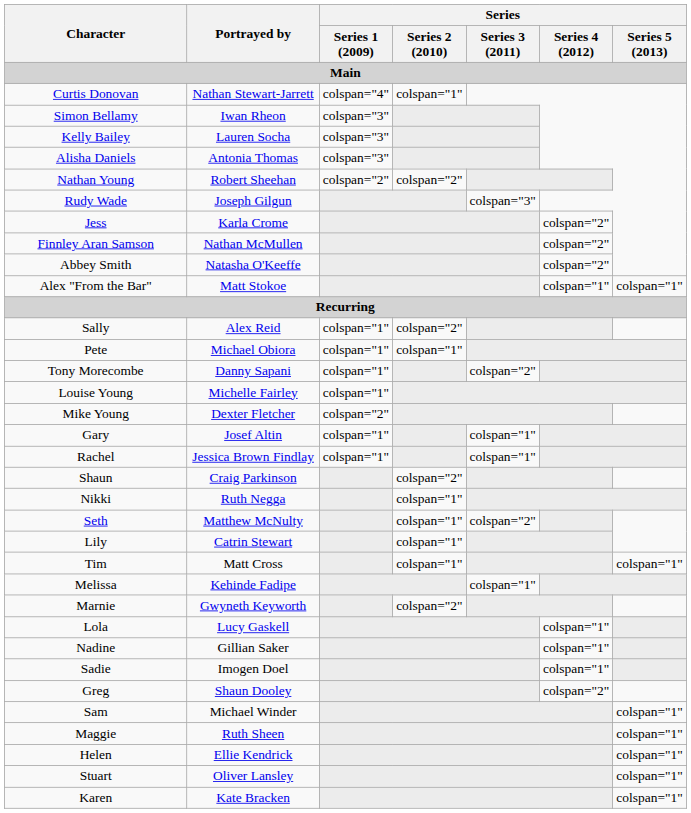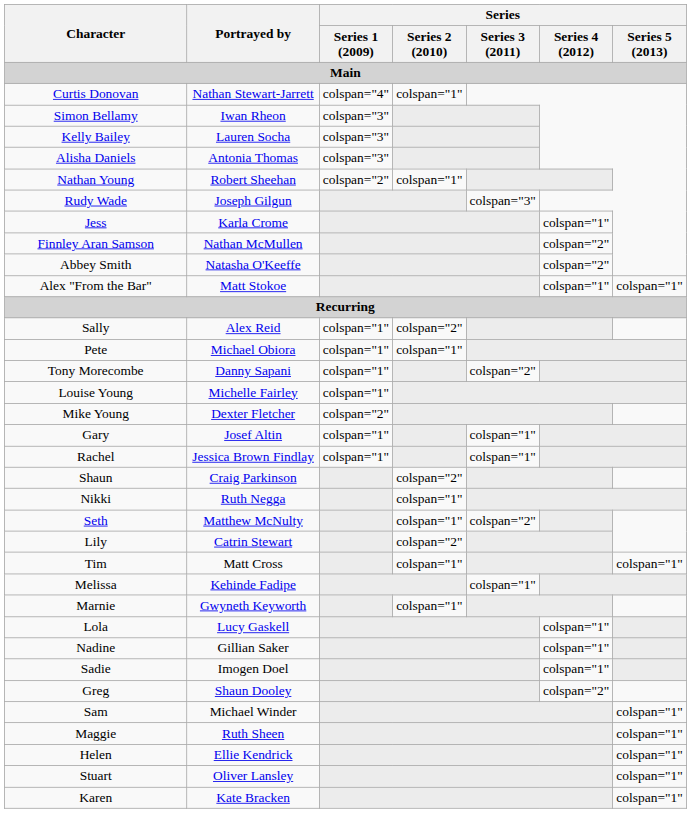 <table class="wikitable" style="text-align:center;">
 <tr>
 <th rowspan="2" style="width:210px;">Character</th>
 <th style="width:150px;" rowspan="2">Portrayed by</th>
 <th colspan="5">Series</th>
 </tr>
 <tr>
 <th style="width:80px;">Series 1<br>(2009)</th>
 <th style="width:80px;">Series 2<br>(2010)</th>
 <th style="width:80px;">Series 3<br>(2011)</th>
 <th style="width:80px;">Series 4<br>(2012)</th>
 <th style="width:80px;">Series 5<br>(2013)</th>
 </tr>
 <tr>
 <th colspan="7" style="background:lightgrey;"><strong>Main</strong></th>
 </tr>
 <tr>
 <td><a href='#'>Curtis Donovan</a></td>
 <td><a href='#'>Nathan Stewart-Jarrett</a></td>
 <td>colspan="4" </td>
 <td>colspan="1" </td>
 </tr>
 <tr>
 <td><a href='#'>Simon Bellamy</a></td>
 <td><a href='#'>Iwan Rheon</a></td>
 <td>colspan="3" </td>
 <td colspan="2" style="background:#ececec;"></td>
 </tr>
 <tr>
 <td><a href='#'>Kelly Bailey</a></td>
 <td><a href='#'>Lauren Socha</a></td>
 <td>colspan="3" </td>
 <td colspan="2" style="background:#ececec;"></td>
 </tr>
 <tr>
 <td><a href='#'>Alisha Daniels</a></td>
 <td><a href='#'>Antonia Thomas</a></td>
 <td>colspan="3" </td>
 <td colspan="2" style="background:#ececec;"></td>
 </tr>
 <tr>
 <td><a href='#'>Nathan Young</a></td>
 <td><a href='#'>Robert Sheehan</a></td>
 <td>colspan="2" </td>
-<td>colspan="2" </td>
+<td>colspan="1" </td>
 <td colspan="2" style="background:#ececec;"></td>
 </tr>
 <tr>
 <td><a href='#'>Rudy Wade</a></td>
 <td><a href='#'>Joseph Gilgun</a></td>
 <td colspan="2" style="background:#ececec;"></td>
 <td>colspan="3" </td>
 </tr>
 <tr>
 <td><a href='#'>Jess</a></td>
 <td><a href='#'>Karla Crome</a></td>
 <td colspan="3" style="background:#ececec;"></td>
-<td>colspan="2" </td>
+<td>colspan="1" </td>
 </tr>
 <tr>
 <td><a href='#'>Finnley Aran Samson</a></td>
 <td><a href='#'>Nathan McMullen</a></td>
 <td colspan="3" style="background:#ececec;"></td>
 <td>colspan="2" </td>
 </tr>
 <tr>
 <td>Abbey Smith</td>
 <td><a href='#'>Natasha O'Keeffe</a></td>
 <td colspan="3" style="background:#ececec;"></td>
 <td>colspan="2" </td>
 </tr>
 <tr>
 <td>Alex "From the Bar"</td>
 <td><a href='#'>Matt Stokoe</a></td>
 <td colspan="3" style="background:#ececec;"></td>
 <td>colspan="1" </td>
 <td>colspan="1" </td>
 </tr>
 <tr>
 <th colspan="7" style="background:lightgrey;"><strong>Recurring</strong></th>
 </tr>
 <tr>
 <td>Sally</td>
 <td><a href='#'>Alex Reid</a></td>
 <td>colspan="1" </td>
 <td>colspan="2" </td>
 <td colspan="2" style="background:#ececec;"></td>
 </tr>
 <tr>
 <td>Pete</td>
 <td><a href='#'>Michael Obiora</a></td>
 <td>colspan="1" </td>
 <td>colspan="1" </td>
 <td colspan="3" style="background:#ececec;"></td>
 </tr>
 <tr>
 <td>Tony Morecombe</td>
 <td><a href='#'>Danny Sapani</a></td>
 <td>colspan="1" </td>
 <td colspan="1" style="background:#ececec;"></td>
 <td>colspan="2" </td>
 <td colspan="2" style="background:#ececec;"></td>
 </tr>
 <tr>
 <td>Louise Young</td>
 <td><a href='#'>Michelle Fairley</a></td>
 <td>colspan="1" </td>
 <td colspan="4" style="background:#ececec;"></td>
 </tr>
 <tr>
 <td>Mike Young</td>
 <td><a href='#'>Dexter Fletcher</a></td>
 <td>colspan="2" </td>
 <td colspan="3" style="background:#ececec;"></td>
 </tr>
 <tr>
 <td>Gary</td>
 <td><a href='#'>Josef Altin</a></td>
 <td>colspan="1" </td>
 <td colspan="1" style="background:#ececec;"></td>
 <td>colspan="1" </td>
 <td colspan="2" style="background:#ececec;"></td>
 </tr>
 <tr>
 <td>Rachel</td>
 <td><a href='#'>Jessica Brown Findlay</a></td>
 <td>colspan="1" </td>
 <td colspan="1" style="background:#ececec;"></td>
 <td>colspan="1" </td>
 <td colspan="2" style="background:#ececec;"></td>
 </tr>
 <tr>
 <td>Shaun</td>
 <td><a href='#'>Craig Parkinson</a></td>
 <td colspan="1" style="background:#ececec;"></td>
 <td>colspan="2" </td>
 <td colspan="2" style="background:#ececec;"></td>
 </tr>
 <tr>
 <td>Nikki</td>
 <td><a href='#'>Ruth Negga</a></td>
 <td colspan="1" style="background:#ececec;"></td>
 <td>colspan="1" </td>
 <td colspan="3" style="background:#ececec;"></td>
 </tr>
 <tr>
 <td><a href='#'>Seth</a></td>
 <td><a href='#'>Matthew McNulty</a></td>
 <td style="background:#ececec;"></td>
 <td>colspan="1" </td>
 <td>colspan="2" </td>
 <td style="background:#ececec;"></td>
 </tr>
 <tr>
 <td>Lily</td>
 <td><a href='#'>Catrin Stewart</a></td>
 <td colspan="1" style="background:#ececec;"></td>
-<td>colspan="1" </td>
+<td>colspan="2" </td>
 <td colspan="2" style="background:#ececec;"></td>
 </tr>
 <tr>
 <td>Tim</td>
 <td>Matt Cross</td>
 <td colspan="1" style="background:#ececec;"></td>
 <td>colspan="1" </td>
 <td colspan="2" style="background:#ececec;"></td>
 <td>colspan="1" </td>
 </tr>
 <tr>
 <td>Melissa</td>
 <td><a href='#'>Kehinde Fadipe</a></td>
 <td colspan="2" style="background:#ececec;"></td>
 <td>colspan="1" </td>
 <td colspan="2" style="background:#ececec;"></td>
 </tr>
 <tr>
 <td>Marnie</td>
 <td><a href='#'>Gwyneth Keyworth</a></td>
 <td colspan="1" style="background:#ececec;"></td>
-<td>colspan="2" </td>
+<td>colspan="1" </td>
 <td colspan="2" style="background:#ececec;"></td>
 </tr>
 <tr>
 <td>Lola</td>
 <td><a href='#'>Lucy Gaskell</a></td>
 <td colspan="3" style="background:#ececec;"></td>
 <td>colspan="1" </td>
 <td colspan="1" style="background:#ececec;"></td>
 </tr>
 <tr>
 <td>Nadine</td>
 <td>Gillian Saker</td>
 <td colspan="3" style="background:#ececec;"></td>
 <td>colspan="1" </td>
 <td colspan="1" style="background:#ececec;"></td>
 </tr>
 <tr>
 <td>Sadie</td>
 <td>Imogen Doel</td>
 <td colspan="3" style="background:#ececec;"></td>
 <td>colspan="1" </td>
 <td colspan="1" style="background:#ececec;"></td>
 </tr>
 <tr>
 <td>Greg</td>
 <td><a href='#'>Shaun Dooley</a></td>
 <td colspan="3" style="background:#ececec;"></td>
 <td>colspan="2" </td>
 </tr>
 <tr>
 <td>Sam</td>
 <td>Michael Winder</td>
 <td colspan="4" style="background:#ececec;"></td>
 <td>colspan="1" </td>
 </tr>
 <tr>
 <td>Maggie</td>
 <td><a href='#'>Ruth Sheen</a></td>
 <td colspan="4" style="background:#ececec;"></td>
 <td>colspan="1" </td>
 </tr>
 <tr>
 <td>Helen</td>
 <td><a href='#'>Ellie Kendrick</a></td>
 <td colspan="4" style="background:#ececec;"></td>
 <td>colspan="1" </td>
 </tr>
 <tr>
 <td>Stuart</td>
 <td><a href='#'>Oliver Lansley</a></td>
 <td colspan="4" style="background:#ececec;"></td>
 <td>colspan="1" </td>
 </tr>
 <tr>
 <td>Karen</td>
 <td><a href='#'>Kate Bracken</a></td>
 <td colspan="4" style="background:#ececec;"></td>
 <td>colspan="1" </td>
 </tr>
 </table>
